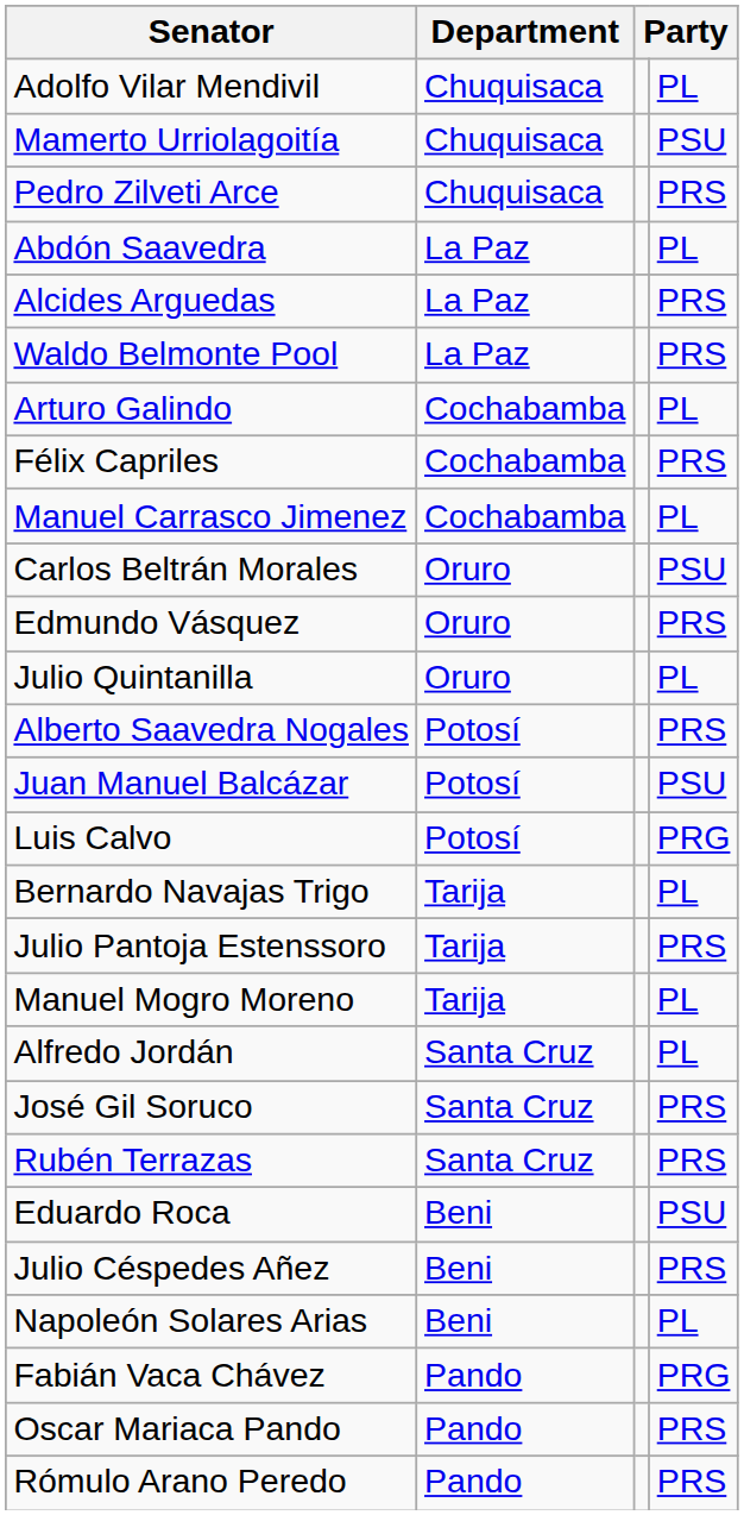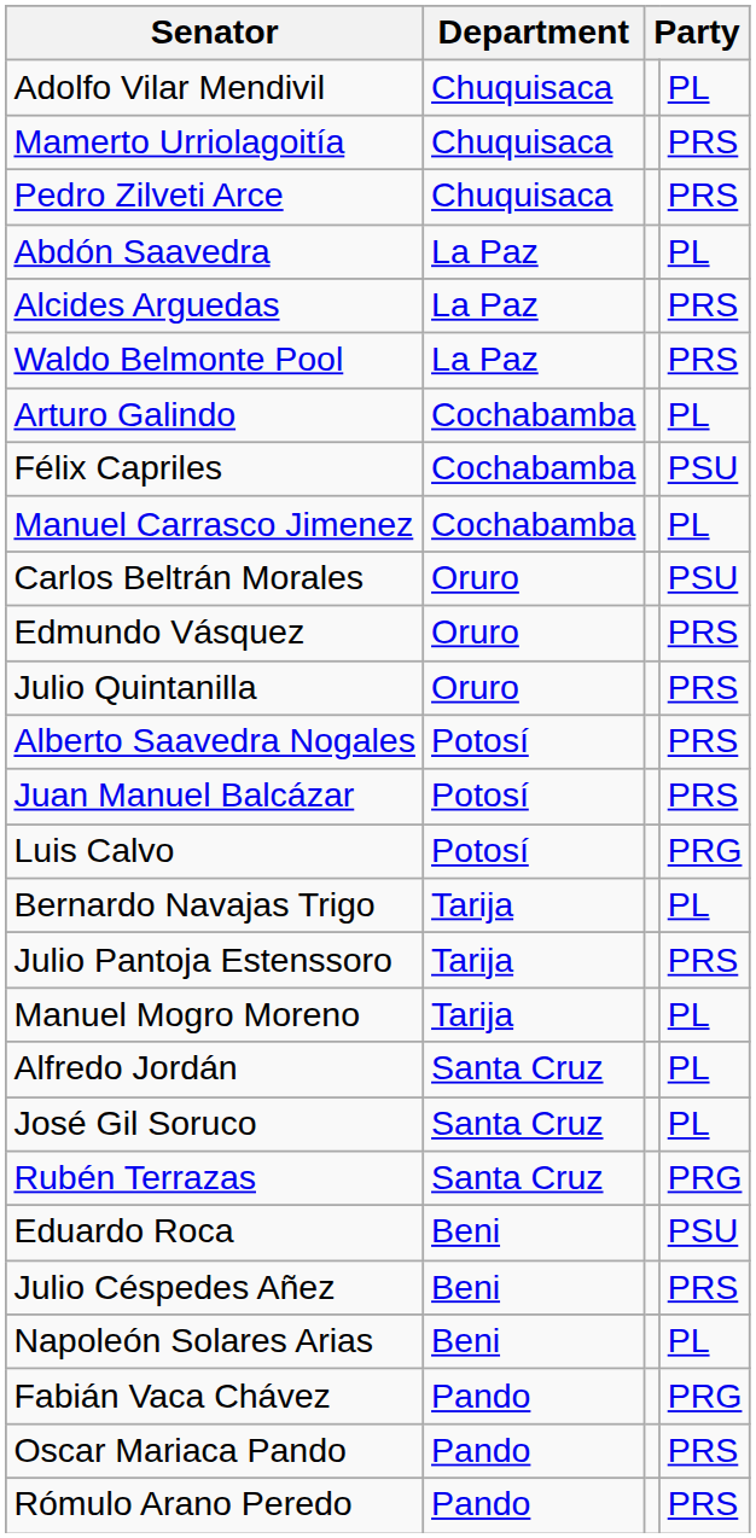 <table class="wikitable sortable">
 <tr>
 <th>Senator</th>
 <th>Department</th>
 <th colspan="2">Party</th>
 </tr>
 <tr>
 <td>Adolfo Vilar Mendivil</td>
 <td><a href='#'>Chuquisaca</a></td>
 <td style="background:"></td>
 <td><a href='#'>PL</a></td>
 </tr>
 <tr>
 <td><a href='#'>Mamerto Urriolagoitía</a></td>
 <td><a href='#'>Chuquisaca</a></td>
 <td style="background:"></td>
-<td><a href='#'>PSU</a></td>
+<td><a href='#'>PRS</a></td>
 </tr>
 <tr>
 <td><a href='#'>Pedro Zilveti Arce</a></td>
 <td><a href='#'>Chuquisaca</a></td>
 <td style="background:"></td>
 <td><a href='#'>PRS</a></td>
 </tr>
 <tr>
 <td><a href='#'>Abdón Saavedra</a></td>
 <td><a href='#'>La Paz</a></td>
 <td style="background:"></td>
 <td><a href='#'>PL</a></td>
 </tr>
 <tr>
 <td><a href='#'>Alcides Arguedas</a></td>
 <td><a href='#'>La Paz</a></td>
 <td style="background:"></td>
 <td><a href='#'>PRS</a></td>
 </tr>
 <tr>
 <td><a href='#'>Waldo Belmonte Pool</a></td>
 <td><a href='#'>La Paz</a></td>
 <td style="background:"></td>
 <td><a href='#'>PRS</a></td>
 </tr>
 <tr>
 <td><a href='#'>Arturo Galindo</a></td>
 <td><a href='#'>Cochabamba</a></td>
 <td style="background:"></td>
 <td><a href='#'>PL</a></td>
 </tr>
 <tr>
 <td>Félix Capriles</td>
 <td><a href='#'>Cochabamba</a></td>
 <td style="background:"></td>
-<td><a href='#'>PRS</a></td>
+<td><a href='#'>PSU</a></td>
 </tr>
 <tr>
 <td><a href='#'>Manuel Carrasco Jimenez</a></td>
 <td><a href='#'>Cochabamba</a></td>
 <td style="background:"></td>
 <td><a href='#'>PL</a></td>
 </tr>
 <tr>
 <td>Carlos Beltrán Morales</td>
 <td><a href='#'>Oruro</a></td>
 <td style="background:"></td>
 <td><a href='#'>PSU</a></td>
 </tr>
 <tr>
 <td>Edmundo Vásquez</td>
 <td><a href='#'>Oruro</a></td>
 <td style="background:"></td>
 <td><a href='#'>PRS</a></td>
 </tr>
 <tr>
 <td>Julio Quintanilla</td>
 <td><a href='#'>Oruro</a></td>
 <td style="background:"></td>
-<td><a href='#'>PL</a></td>
+<td><a href='#'>PRS</a></td>
 </tr>
 <tr>
 <td><a href='#'>Alberto Saavedra Nogales</a></td>
 <td><a href='#'>Potosí</a></td>
 <td style="background:"></td>
 <td><a href='#'>PRS</a></td>
 </tr>
 <tr>
 <td><a href='#'>Juan Manuel Balcázar</a></td>
 <td><a href='#'>Potosí</a></td>
 <td style="background:"></td>
-<td><a href='#'>PSU</a></td>
+<td><a href='#'>PRS</a></td>
 </tr>
 <tr>
 <td>Luis Calvo</td>
 <td><a href='#'>Potosí</a></td>
 <td style="background:"></td>
 <td><a href='#'>PRG</a></td>
 </tr>
 <tr>
 <td>Bernardo Navajas Trigo</td>
 <td><a href='#'>Tarija</a></td>
 <td style="background:"></td>
 <td><a href='#'>PL</a></td>
 </tr>
 <tr>
 <td>Julio Pantoja Estenssoro</td>
 <td><a href='#'>Tarija</a></td>
 <td style="background:"></td>
 <td><a href='#'>PRS</a></td>
 </tr>
 <tr>
 <td>Manuel Mogro Moreno</td>
 <td><a href='#'>Tarija</a></td>
 <td style="background:"></td>
 <td><a href='#'>PL</a></td>
 </tr>
 <tr>
 <td>Alfredo Jordán</td>
 <td><a href='#'>Santa Cruz</a></td>
 <td style="background:"></td>
 <td><a href='#'>PL</a></td>
 </tr>
 <tr>
 <td>José Gil Soruco</td>
 <td><a href='#'>Santa Cruz</a></td>
 <td style="background:"></td>
-<td><a href='#'>PRS</a></td>
+<td><a href='#'>PL</a></td>
 </tr>
 <tr>
 <td><a href='#'>Rubén Terrazas</a></td>
 <td><a href='#'>Santa Cruz</a></td>
 <td style="background:"></td>
-<td><a href='#'>PRS</a></td>
+<td><a href='#'>PRG</a></td>
 </tr>
 <tr>
 <td>Eduardo Roca</td>
 <td><a href='#'>Beni</a></td>
 <td style="background:"></td>
 <td><a href='#'>PSU</a></td>
 </tr>
 <tr>
 <td>Julio Céspedes Añez</td>
 <td><a href='#'>Beni</a></td>
 <td style="background:"></td>
 <td><a href='#'>PRS</a></td>
 </tr>
 <tr>
 <td>Napoleón Solares Arias</td>
 <td><a href='#'>Beni</a></td>
 <td style="background:"></td>
 <td><a href='#'>PL</a></td>
 </tr>
 <tr>
 <td>Fabián Vaca Chávez</td>
 <td><a href='#'>Pando</a></td>
 <td style="background:"></td>
 <td><a href='#'>PRG</a></td>
 </tr>
 <tr>
 <td>Oscar Mariaca Pando</td>
 <td><a href='#'>Pando</a></td>
 <td style="background:"></td>
 <td><a href='#'>PRS</a></td>
 </tr>
 <tr>
 <td>Rómulo Arano Peredo</td>
 <td><a href='#'>Pando</a></td>
 <td style="background:"></td>
 <td><a href='#'>PRS</a></td>
 </tr>
 </table>
